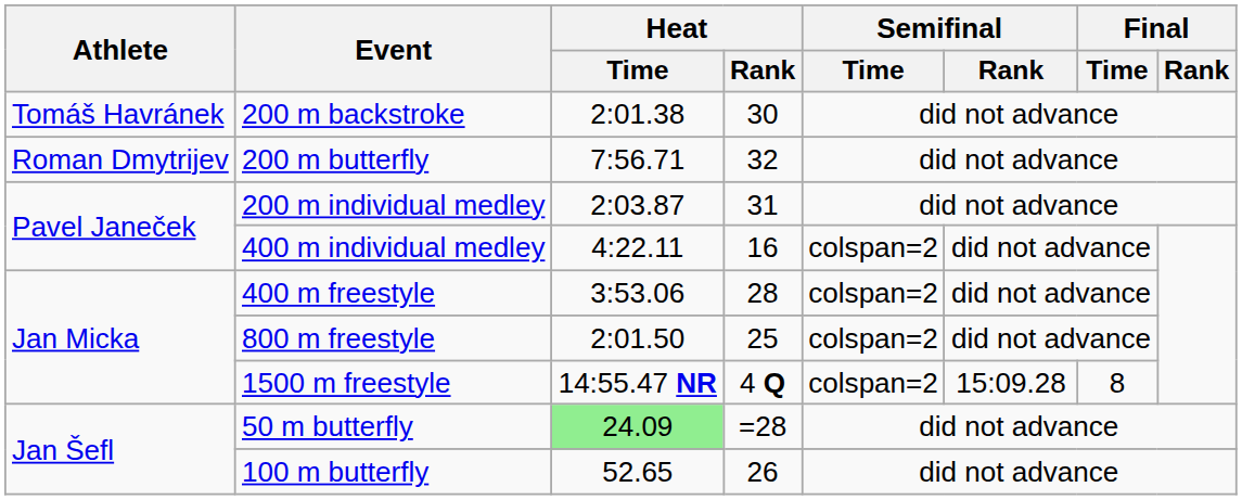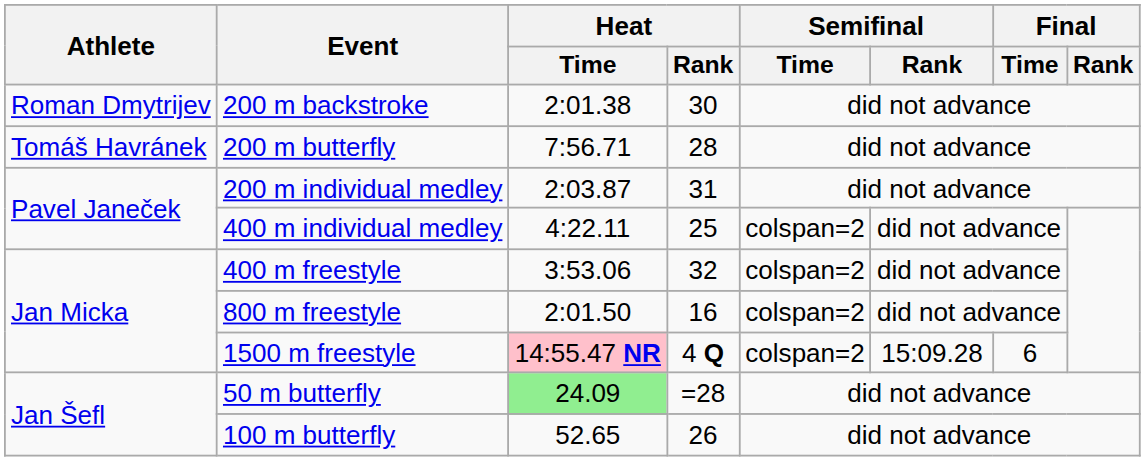 <table class=wikitable style="font-size:90%">
 <tr>
 <th rowspan="2">Athlete</th>
 <th rowspan="2">Event</th>
 <th colspan="2">Heat</th>
 <th colspan="2">Semifinal</th>
 <th colspan="2">Final</th>
 </tr>
 <tr style="font-size:95%">
 <th>Time</th>
 <th>Rank</th>
 <th>Time</th>
 <th>Rank</th>
 <th>Time</th>
 <th>Rank</th>
 </tr>
 <tr align=center>
-<td align=left><a href='#'>Tomáš Havránek</a></td>
+<td align=left><a href='#'>Roman Dmytrijev</a></td>
 <td align=left><a href='#'>200 m backstroke</a></td>
 <td>2:01.38</td>
 <td>30</td>
 <td colspan=4>did not advance</td>
 </tr>
 <tr align=center>
-<td align=left><a href='#'>Roman Dmytrijev</a></td>
+<td align=left><a href='#'>Tomáš Havránek</a></td>
 <td align=left><a href='#'>200 m butterfly</a></td>
 <td>7:56.71</td>
-<td>32</td>
+<td>28</td>
 <td colspan=4>did not advance</td>
 </tr>
 <tr align=center>
 <td align=left rowspan=2><a href='#'>Pavel Janeček</a></td>
 <td align=left><a href='#'>200 m individual medley</a></td>
 <td>2:03.87</td>
 <td>31</td>
 <td colspan=4>did not advance</td>
 </tr>
 <tr align=center>
 <td align=left><a href='#'>400 m individual medley</a></td>
 <td>4:22.11</td>
-<td>16</td>
+<td>25</td>
 <td>colspan=2 </td>
 <td colspan=2>did not advance</td>
 </tr>
 <tr align=center>
 <td align=left rowspan=3><a href='#'>Jan Micka</a></td>
 <td align=left><a href='#'>400 m freestyle</a></td>
 <td>3:53.06</td>
-<td>28</td>
+<td>32</td>
 <td>colspan=2 </td>
 <td colspan=2>did not advance</td>
 </tr>
 <tr align=center>
 <td align=left><a href='#'>800 m freestyle</a></td>
 <td>2:01.50</td>
-<td>25</td>
+<td>16</td>
 <td>colspan=2 </td>
 <td colspan=2>did not advance</td>
 </tr>
 <tr align=center>
 <td align=left><a href='#'>1500 m freestyle</a></td>
-<td>14:55.47 <strong><a href='#'>NR</a></strong></td>
+<td style="background: pink;">14:55.47 <strong><a href='#'>NR</a></strong></td>
 <td>4 <strong>Q</strong></td>
 <td>colspan=2 </td>
 <td>15:09.28</td>
-<td>8</td>
+<td>6</td>
 </tr>
 <tr align=center>
 <td align=left rowspan=2><a href='#'>Jan Šefl</a></td>
 <td align=left><a href='#'>50 m butterfly</a></td>
 <td style="background: lightgreen;">24.09</td>
 <td>=28</td>
 <td colspan=4>did not advance</td>
 </tr>
 <tr align=center>
 <td align=left><a href='#'>100 m butterfly</a></td>
 <td>52.65</td>
 <td>26</td>
 <td colspan=4>did not advance</td>
 </tr>
 </table>
